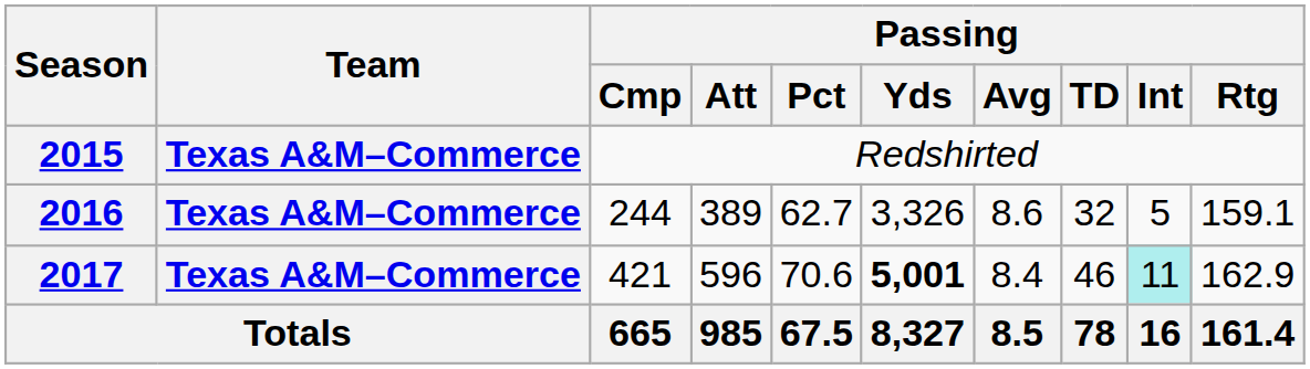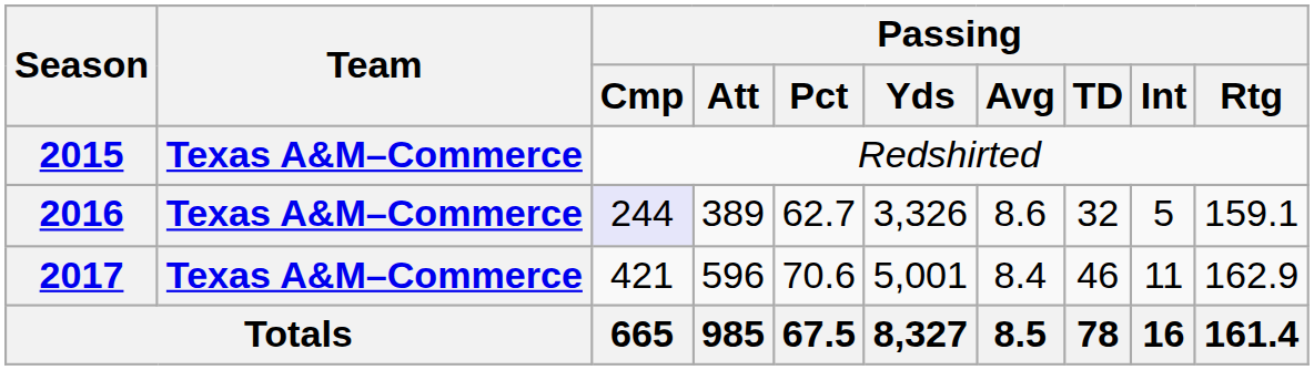 <table class="wikitable" style="text-align:center;">
 <tr>
 <th rowspan="2">Season</th>
 <th rowspan="2">Team</th>
 <th colspan="8">Passing</th>
 </tr>
 <tr>
 <th>Cmp</th>
 <th>Att</th>
 <th>Pct</th>
 <th>Yds</th>
 <th>Avg</th>
 <th>TD</th>
 <th>Int</th>
 <th>Rtg</th>
 </tr>
 <tr>
 <th><a href='#'>2015</a></th>
 <th><a href='#'>Texas A&M–Commerce</a></th>
 <td colspan="8"><em>Redshirted</em></td>
 </tr>
 <tr>
 <th><a href='#'>2016</a></th>
 <th><a href='#'>Texas A&M–Commerce</a></th>
-<td>244</td>
+<td style="background: lavender;">244</td>
 <td>389</td>
 <td>62.7</td>
 <td>3,326</td>
 <td>8.6</td>
 <td>32</td>
 <td>5</td>
 <td>159.1</td>
 </tr>
 <tr>
 <th><a href='#'>2017</a></th>
 <th><a href='#'>Texas A&M–Commerce</a></th>
 <td>421</td>
 <td>596</td>
 <td>70.6</td>
-<td><strong>5,001</strong></td>
+<td>5,001</td>
 <td>8.4</td>
 <td>46</td>
-<td style="background: paleturquoise;">11</td>
+<td>11</td>
 <td>162.9</td>
 </tr>
 <tr>
 <th colspan="2">Totals</th>
 <th>665</th>
 <th>985</th>
 <th>67.5</th>
 <th>8,327</th>
 <th>8.5</th>
 <th>78</th>
 <th>16</th>
 <th>161.4</th>
 </tr>
 </table>
